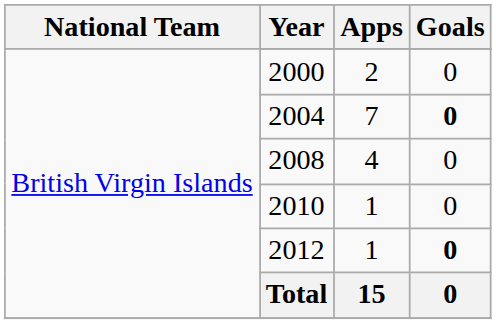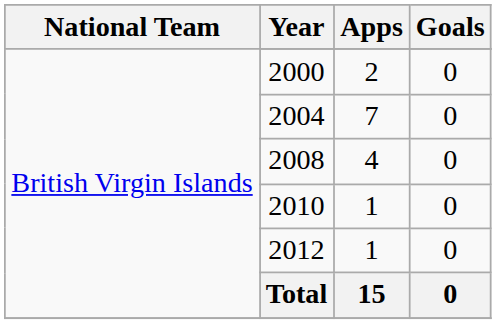 <table class="wikitable" style="text-align:center">
 <tr>
 <th>National Team</th>
 <th>Year</th>
 <th>Apps</th>
 <th>Goals</th>
 </tr>
 <tr>
 <td rowspan="7"><a href='#'>British Virgin Islands</a></td>
 </tr>
 <tr>
 <td>2000</td>
 <td>2</td>
 <td>0</td>
 </tr>
 <tr>
 <td>2004</td>
 <td>7</td>
-<td><strong>0</strong></td>
+<td>0</td>
 </tr>
 <tr>
 <td>2008</td>
 <td>4</td>
 <td>0</td>
 </tr>
 <tr>
 <td>2010</td>
 <td>1</td>
 <td>0</td>
 </tr>
 <tr>
 <td>2012</td>
 <td>1</td>
-<td><strong>0</strong></td>
+<td>0</td>
 </tr>
 <tr>
 <th>Total</th>
 <th>15</th>
 <th>0</th>
 </tr>
 <tr>
 </tr>
 </table>
